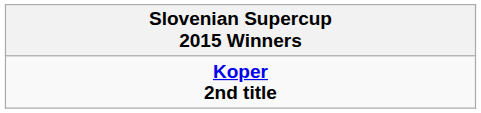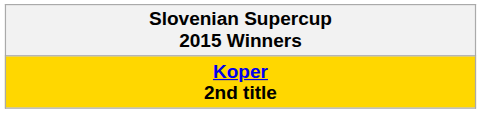 <table class="wikitable" style="text-align: center; margin: 0 auto; width: 20%">
 <tr>
 <th>Slovenian Supercup <br>2015 Winners</th>
 </tr>
 <tr>
-<td><strong><a href='#'>Koper</a></strong><br><strong>2nd title</strong></td>
+<td style="background: gold;"><strong><a href='#'>Koper</a></strong><br><strong>2nd title</strong></td>
 </tr>
 </table>
